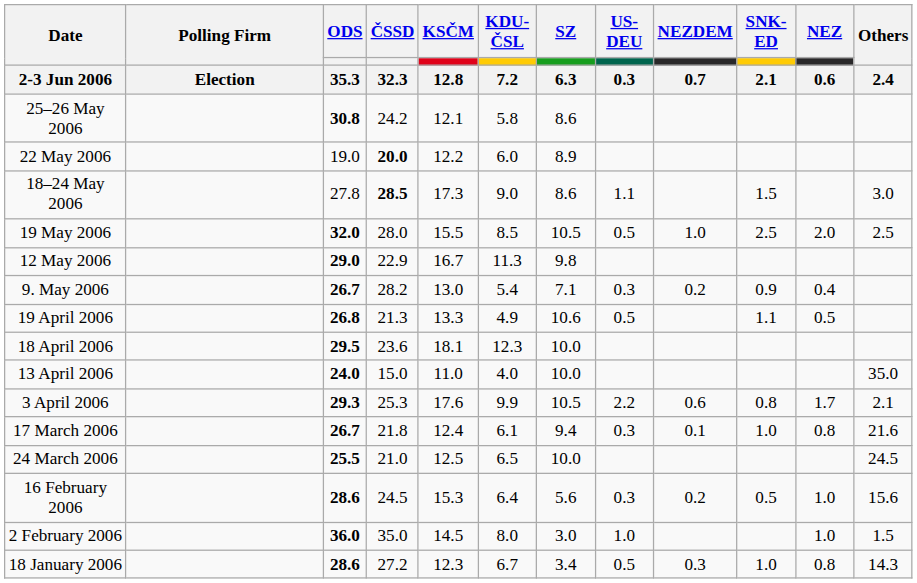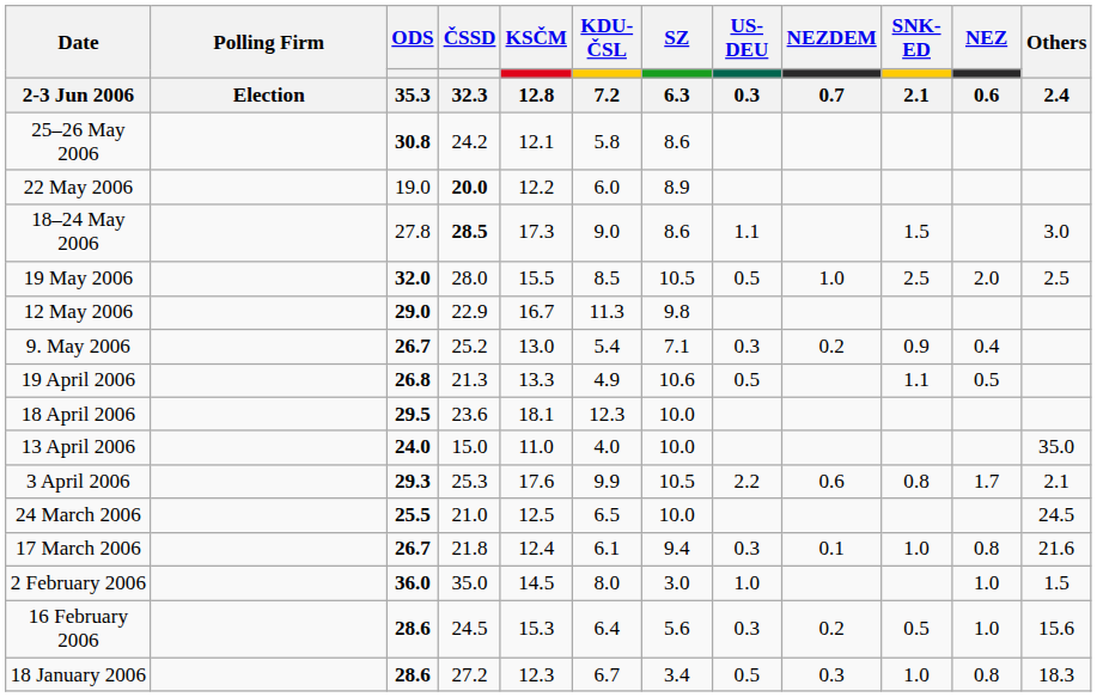 <table class="wikitable" style="text-align:center; font-size:85%; line-height:16px;">
 <tr style="height:42px;">
 <th style="width:90px;" rowspan="2">Date</th>
 <th style="width:150px;" rowspan="2">Polling Firm</th>
 <th><a href='#'><span>ODS</span></a></th>
 <th><a href='#'><span>ČSSD</span></a></th>
 <th><a href='#'><span>KSČM</span></a></th>
 <th><a href='#'><span>KDU-ČSL</span></a></th>
 <th><a href='#'><span>SZ</span></a></th>
 <th><a href='#'><span>US-DEU</span></a></th>
 <th><a href='#'><span>NEZDEM</span></a></th>
 <th><a href='#'><span>SNK-ED</span></a></th>
 <th><a href='#'><span>NEZ</span></a></th>
 <th style="width:40px;" rowspan="2">Others</th>
 </tr>
 <tr>
 <th class="unsortable" style="color:inherit;background:"></th>
 <th class="unsortable" style="color:inherit;background:"></th>
 <th style="color:inherit;background:#E00219; width:40px;"></th>
 <th style="color:inherit;background:#FFCB03; width:40px;"></th>
 <th style="color:inherit;background:#179E1E; width:40px;"></th>
 <th style="color:inherit;background:#00654E; width:40px;"></th>
 <th style="color:inherit;background:#292829; width:40px;"></th>
 <th style="color:inherit;background:#FFCB03; width:40px;"></th>
 <th style="color:inherit;background:#292829; width:40px;"></th>
 </tr>
 <tr>
 <th><strong>2-3 Jun 2006</strong></th>
 <th><strong>Election</strong></th>
 <th><strong>35.3</strong></th>
 <th>32.3</th>
 <th>12.8</th>
 <th>7.2</th>
 <th>6.3</th>
 <th>0.3</th>
 <th>0.7</th>
 <th>2.1</th>
 <th>0.6</th>
 <th>2.4</th>
 </tr>
 <tr>
 <td>25–26 May 2006</td>
 <td></td>
 <td><strong>30.8</strong></td>
 <td>24.2</td>
 <td>12.1</td>
 <td>5.8</td>
 <td>8.6</td>
 <td></td>
 <td></td>
 <td></td>
 <td></td>
 <td></td>
 </tr>
 <tr>
 <td>22 May 2006</td>
 <td></td>
 <td>19.0</td>
 <td><strong>20.0</strong></td>
 <td>12.2</td>
 <td>6.0</td>
 <td>8.9</td>
 <td></td>
 <td></td>
 <td></td>
 <td></td>
 <td></td>
 </tr>
 <tr>
 <td>18–24 May 2006</td>
 <td></td>
 <td>27.8</td>
 <td><strong>28.5</strong></td>
 <td>17.3</td>
 <td>9.0</td>
 <td>8.6</td>
 <td>1.1</td>
 <td></td>
 <td>1.5</td>
 <td></td>
 <td>3.0</td>
 </tr>
 <tr>
 <td>19 May 2006</td>
 <td></td>
 <td><strong>32.0</strong></td>
 <td>28.0</td>
 <td>15.5</td>
 <td>8.5</td>
 <td>10.5</td>
 <td>0.5</td>
 <td>1.0</td>
 <td>2.5</td>
 <td>2.0</td>
 <td>2.5</td>
 </tr>
 <tr>
 <td>12 May 2006</td>
 <td></td>
 <td><strong>29.0</strong></td>
 <td>22.9</td>
 <td>16.7</td>
 <td>11.3</td>
 <td>9.8</td>
 <td></td>
 <td></td>
 <td></td>
 <td></td>
 <td></td>
 </tr>
 <tr>
 <td>9. May 2006</td>
 <td></td>
 <td><strong>26.7</strong></td>
-<td>28.2</td>
+<td>25.2</td>
 <td>13.0</td>
 <td>5.4</td>
 <td>7.1</td>
 <td>0.3</td>
 <td>0.2</td>
 <td>0.9</td>
 <td>0.4</td>
 <td></td>
 </tr>
 <tr>
 <td>19 April 2006</td>
 <td></td>
 <td><strong>26.8</strong></td>
 <td>21.3</td>
 <td>13.3</td>
 <td>4.9</td>
 <td>10.6</td>
 <td>0.5</td>
 <td></td>
 <td>1.1</td>
 <td>0.5</td>
 <td></td>
 </tr>
 <tr>
 <td>18 April 2006</td>
 <td></td>
 <td><strong>29.5</strong></td>
 <td>23.6</td>
 <td>18.1</td>
 <td>12.3</td>
 <td>10.0</td>
 <td></td>
 <td></td>
 <td></td>
 <td></td>
 <td></td>
 </tr>
 <tr>
 <td>13 April 2006</td>
 <td></td>
 <td><strong>24.0</strong></td>
 <td>15.0</td>
 <td>11.0</td>
 <td>4.0</td>
 <td>10.0</td>
 <td></td>
 <td></td>
 <td></td>
 <td></td>
 <td>35.0</td>
 </tr>
 <tr>
 <td>3 April 2006</td>
 <td></td>
 <td><strong>29.3</strong></td>
 <td>25.3</td>
 <td>17.6</td>
 <td>9.9</td>
 <td>10.5</td>
 <td>2.2</td>
 <td>0.6</td>
 <td>0.8</td>
 <td>1.7</td>
 <td>2.1</td>
 </tr>
 <tr>
+<td>24 March 2006</td>
+<td></td>
+<td><strong>25.5</strong></td>
+<td>21.0</td>
+<td>12.5</td>
+<td>6.5</td>
+<td>10.0</td>
+<td></td>
+<td></td>
+<td></td>
+<td></td>
+<td>24.5</td>
+</tr>
+<tr>
 <td>17 March 2006</td>
 <td></td>
 <td><strong>26.7</strong></td>
 <td>21.8</td>
 <td>12.4</td>
 <td>6.1</td>
 <td>9.4</td>
 <td>0.3</td>
 <td>0.1</td>
 <td>1.0</td>
 <td>0.8</td>
 <td>21.6</td>
 </tr>
 <tr>
-<td>24 March 2006</td>
+<td>2 February 2006</td>
 <td></td>
-<td><strong>25.5</strong></td>
-<td>21.0</td>
-<td>12.5</td>
-<td>6.5</td>
-<td>10.0</td>
+<td><strong>36.0</strong></td>
+<td>35.0</td>
+<td>14.5</td>
+<td>8.0</td>
+<td>3.0</td>
+<td>1.0</td>
 <td></td>
 <td></td>
-<td></td>
-<td></td>
-<td>24.5</td>
+<td>1.0</td>
+<td>1.5</td>
 </tr>
 <tr>
 <td>16 February 2006</td>
 <td></td>
 <td><strong>28.6</strong></td>
 <td>24.5</td>
 <td>15.3</td>
 <td>6.4</td>
 <td>5.6</td>
 <td>0.3</td>
 <td>0.2</td>
 <td>0.5</td>
 <td>1.0</td>
 <td>15.6</td>
 </tr>
 <tr>
-<td>2 February 2006</td>
-<td></td>
-<td><strong>36.0</strong></td>
-<td>35.0</td>
-<td>14.5</td>
-<td>8.0</td>
-<td>3.0</td>
-<td>1.0</td>
-<td></td>
-<td></td>
-<td>1.0</td>
-<td>1.5</td>
-</tr>
-<tr>
 <td>18 January 2006</td>
 <td></td>
 <td><strong>28.6</strong></td>
 <td>27.2</td>
 <td>12.3</td>
 <td>6.7</td>
 <td>3.4</td>
 <td>0.5</td>
 <td>0.3</td>
 <td>1.0</td>
 <td>0.8</td>
-<td>14.3</td>
+<td>18.3</td>
 </tr>
 </table>
